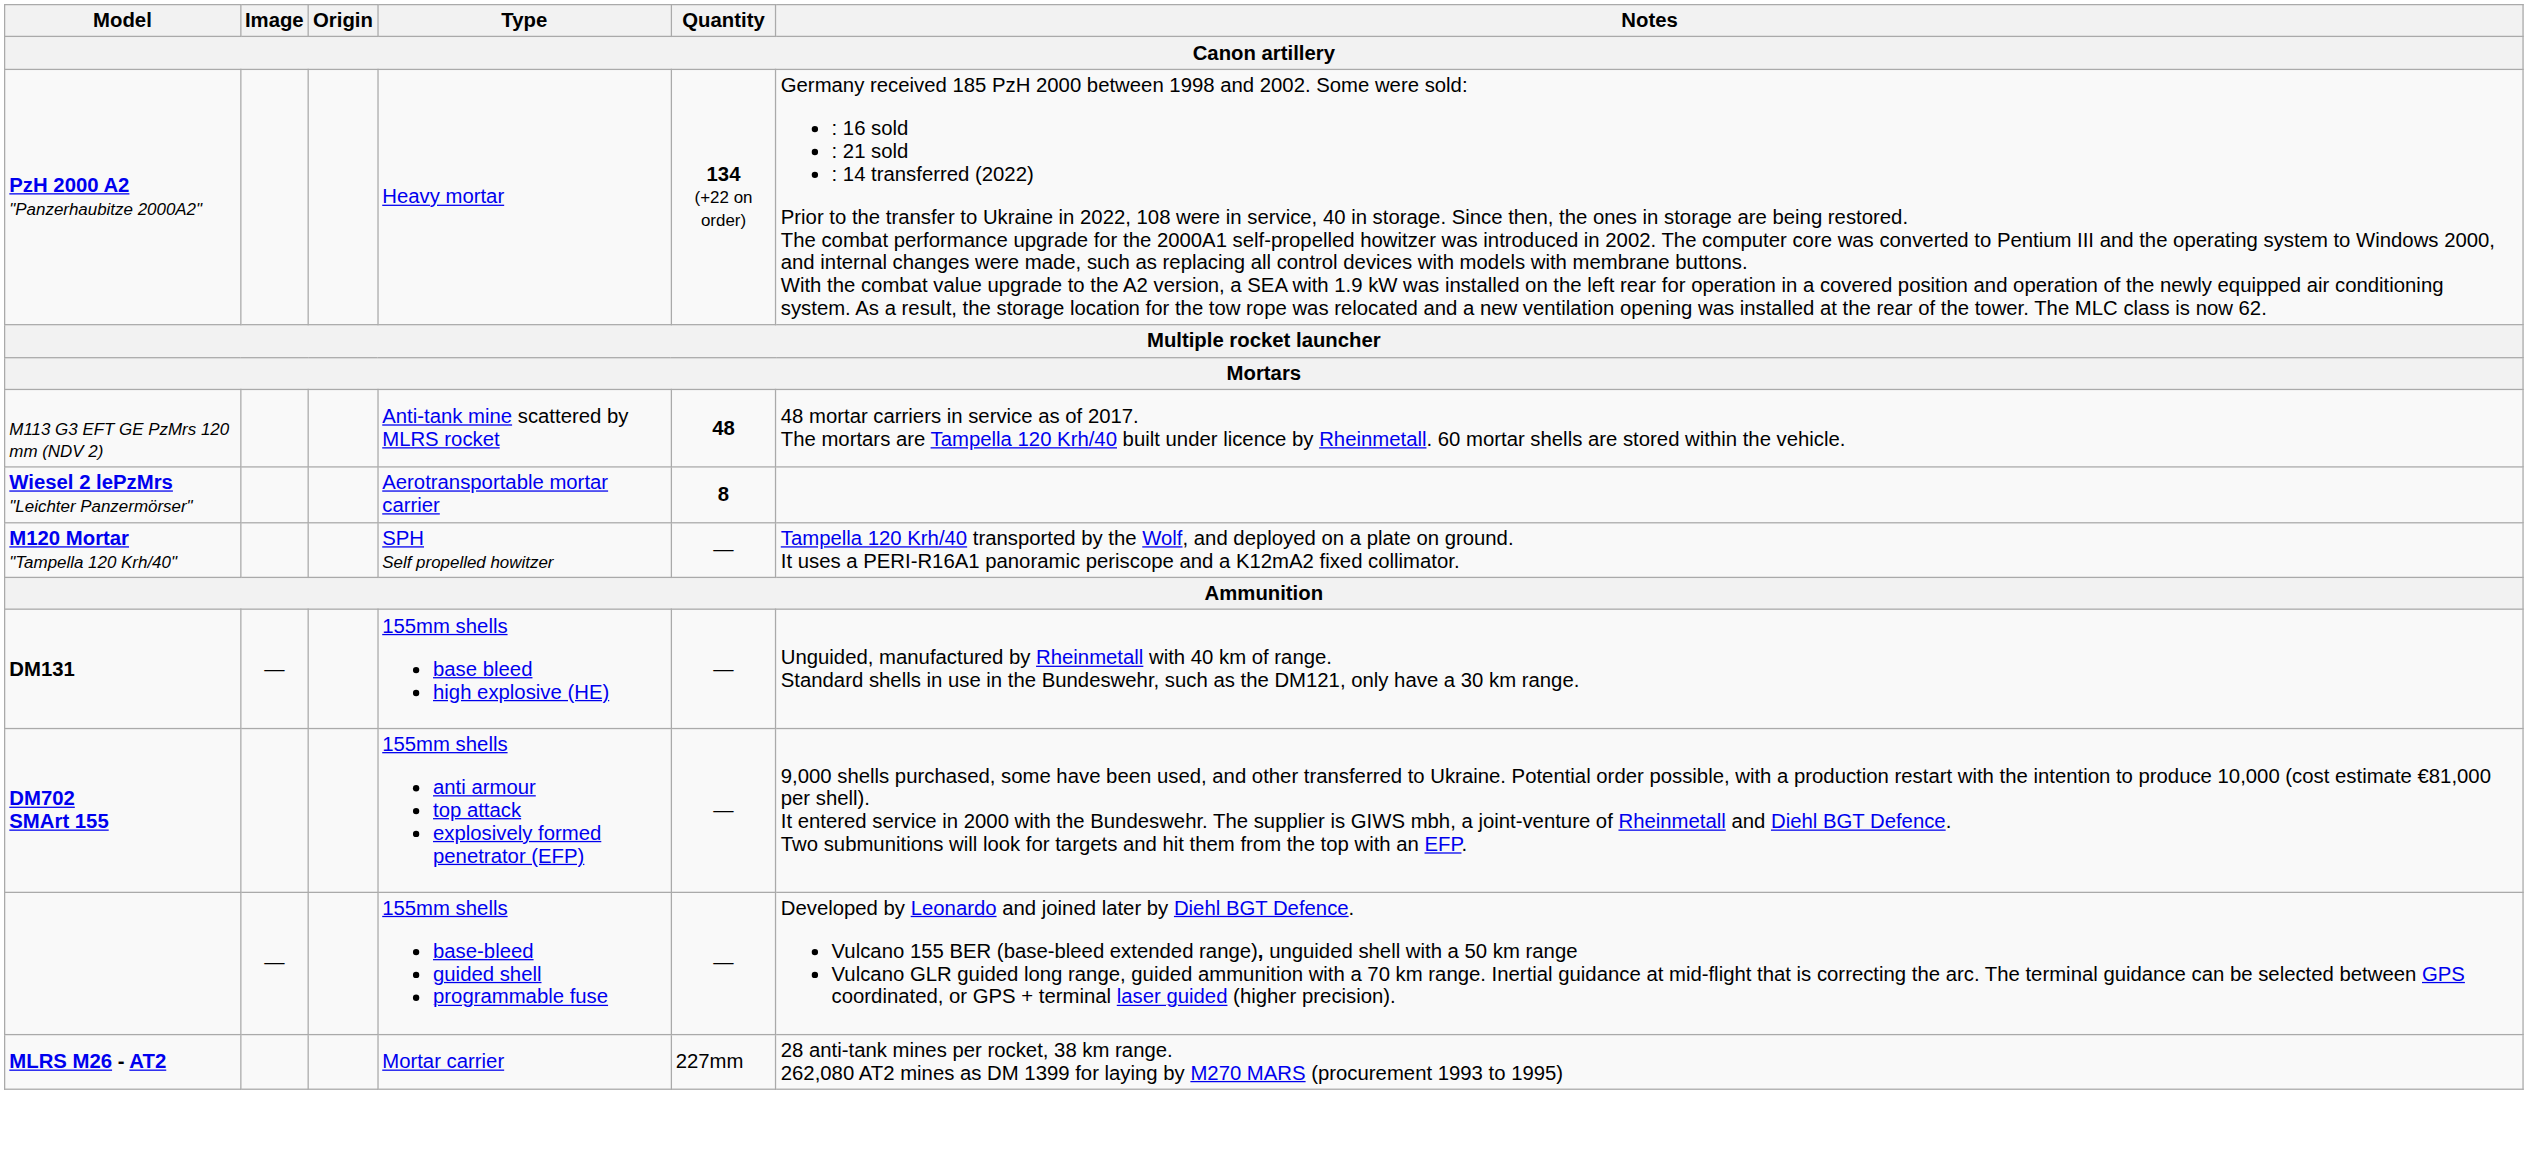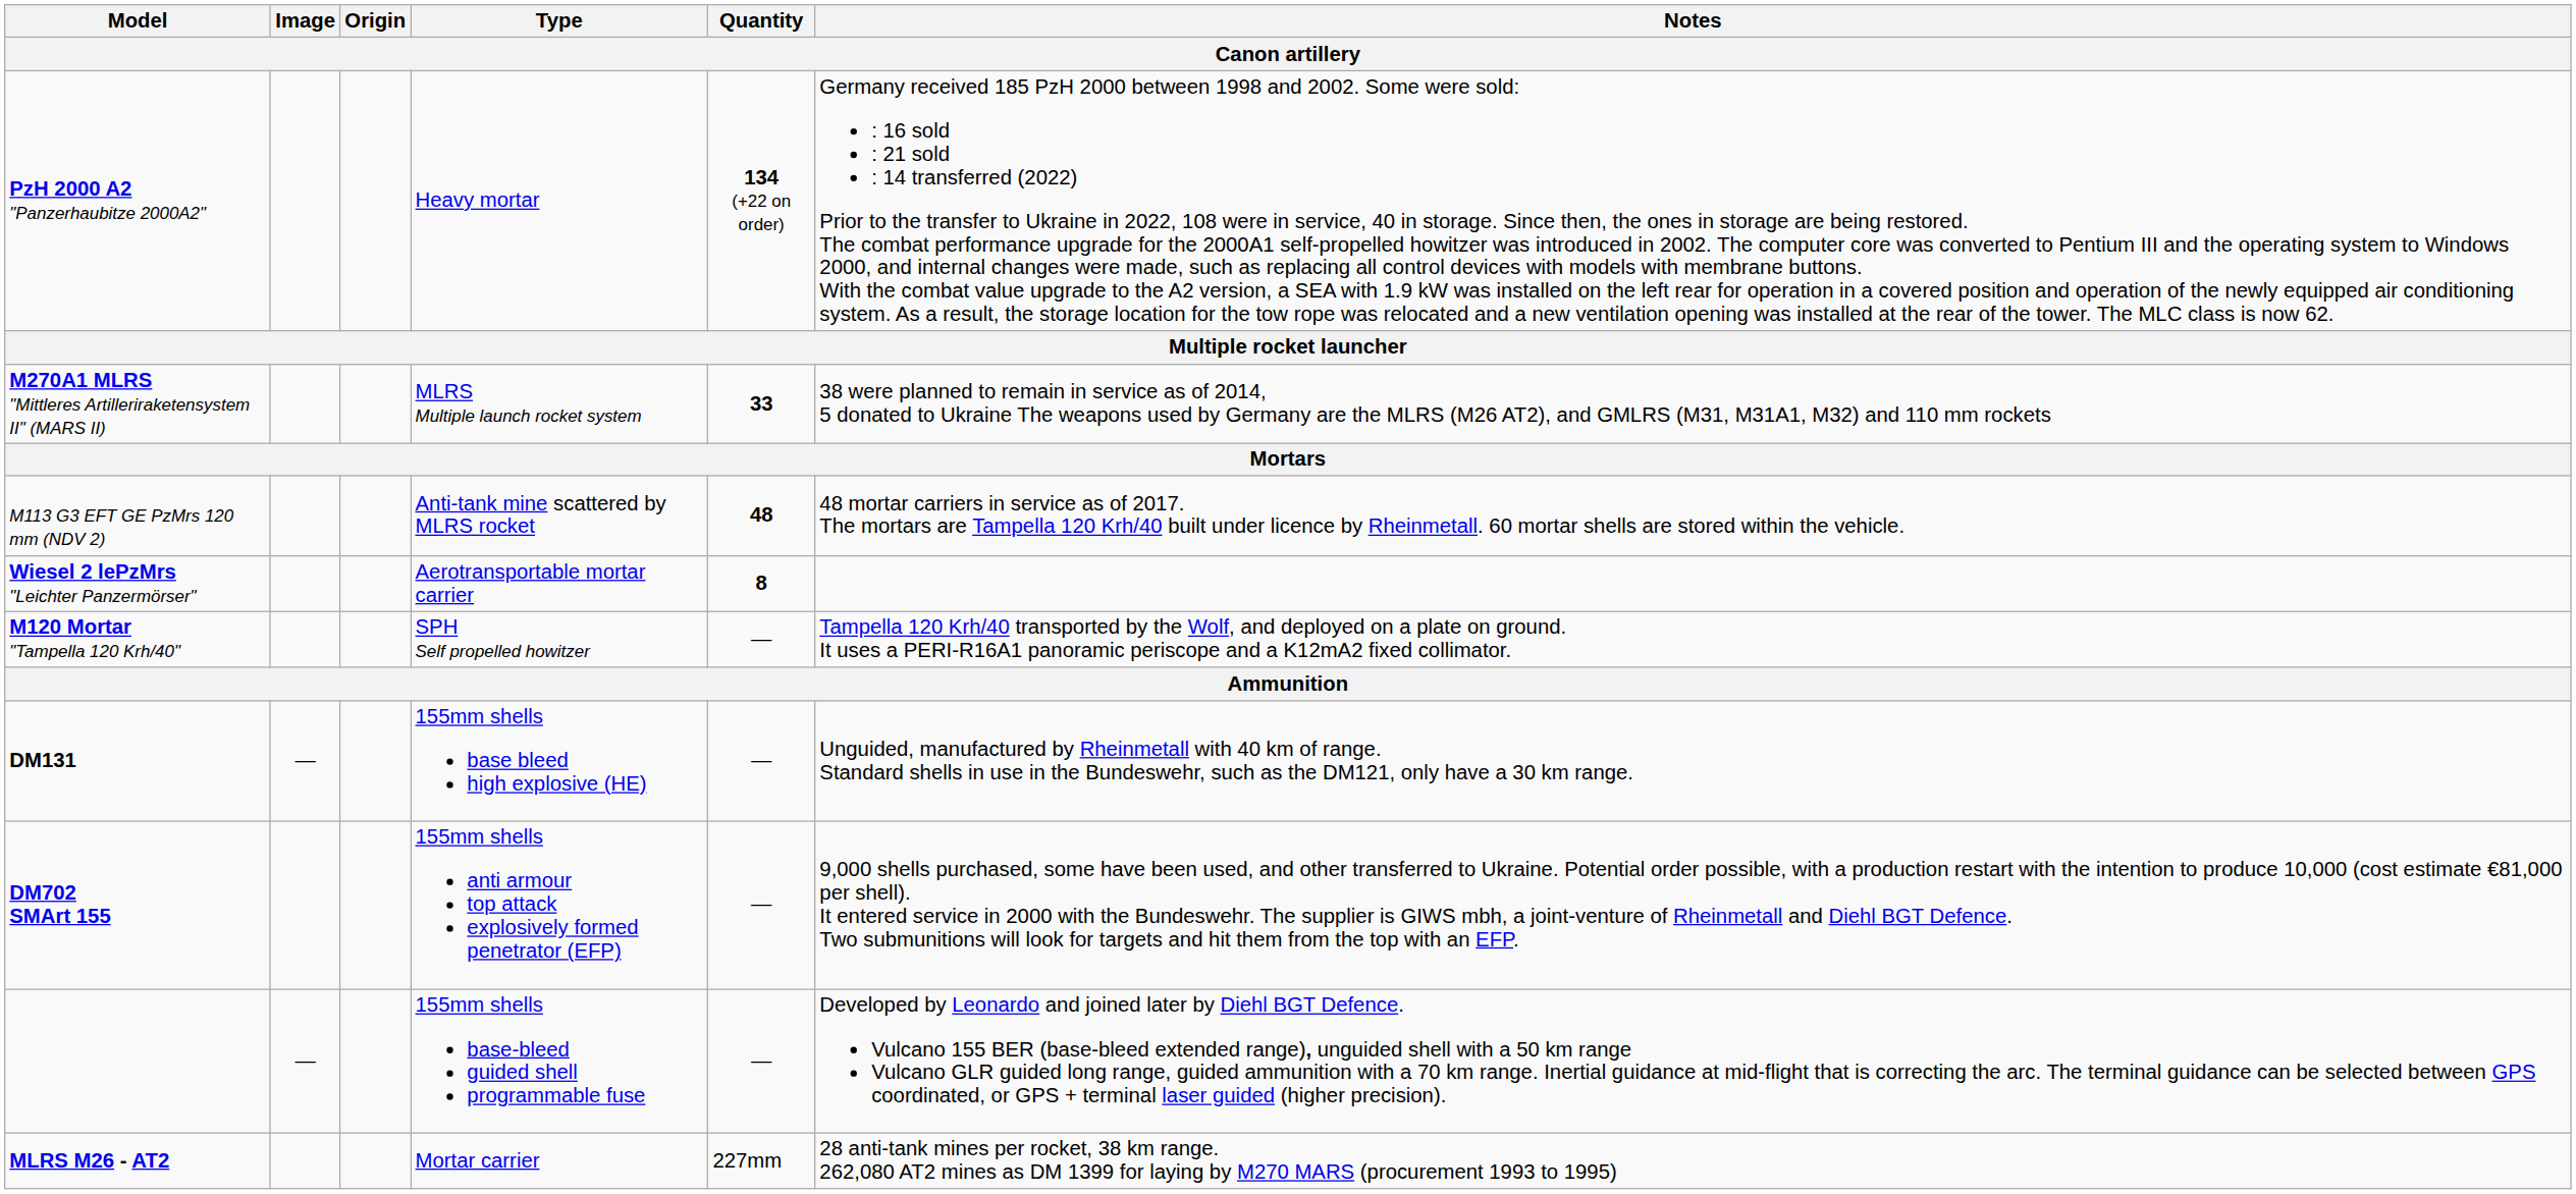 <table class="wikitable" style="width:100%;">
 <tr>
 <th>Model</th>
 <th style="width:2%">Image</th>
 <th>Origin</th>
 <th>Type</th>
 <th>Quantity</th>
 <th>Notes</th>
 </tr>
 <tr>
 <th colspan="6">Canon artillery</th>
 </tr>
 <tr>
 <td><a href='#'><strong>PzH 2000 A2</strong></a><br><em><small>"Panzerhaubitze 2000A2"</small></em></td>
 <td></td>
 <td><small></small></td>
 <td><a href='#'>Heavy mortar</a></td>
 <td style="text-align: center;"><strong>134</strong><br><small>(+22 on order)</small></td>
 <td>Germany received 185 PzH 2000 between 1998 and 2002. Some were sold:<br><ul><li>: 16 sold</li><li>: 21 sold</li><li>: 14 transferred (2022)</li></ul>Prior to the transfer to Ukraine in 2022, 108 were in service, 40 in storage. Since then, the ones in storage are being restored.<br>The combat performance upgrade for the 2000A1 self-propelled howitzer was introduced in 2002. The computer core was converted to Pentium III and the operating system to Windows 2000, and internal changes were made, such as replacing all control devices with models with membrane buttons.<br>With the combat value upgrade to the A2 version, a SEA with 1.9 kW was installed on the left rear for operation in a covered position and operation of the newly equipped air conditioning system. As a result, the storage location for the tow rope was relocated and a new ventilation opening was installed at the rear of the tower. The MLC class is now 62.</td>
 </tr>
 <tr>
 <th colspan="6">Multiple rocket launcher</th>
+</tr>
+<tr>
+<td><a href='#'><strong>M270A1 MLRS</strong></a><br><em><small>"Mittleres Artilleriraketensystem II" (MARS II)</small></em></td>
+<td></td>
+<td><small></small></td>
+<td><a href='#'>MLRS</a><br><em><small>Multiple launch rocket system</small></em></td>
+<td style="text-align: center;"><strong>33</strong></td>
+<td>38 were planned to remain in service as of 2014,<strong></strong><br>5 donated to Ukraine The weapons used by Germany are the MLRS (M26 AT2), and GMLRS (M31, M31A1, M32) and 110 mm rockets</td>
 </tr>
 <tr>
 <th colspan="6">Mortars</th>
 </tr>
 <tr>
 <td><strong></strong><br><small><em>M113 G3 EFT GE PzMrs 120 mm (NDV 2)</em></small></td>
 <td></td>
 <td><small></small><br><small></small><br><small></small></td>
 <td><a href='#'>Anti-tank mine</a> scattered by <a href='#'>MLRS rocket</a></td>
 <td style="text-align: center;"><strong>48</strong></td>
 <td>48 mortar carriers in service as of 2017.<br>The mortars are <a href='#'>Tampella 120 Krh/40</a> built under licence by <a href='#'>Rheinmetall</a>. 60 mortar shells are stored within the vehicle.</td>
 </tr>
 <tr>
 <td><a href='#'><strong>Wiesel 2 lePzMrs</strong></a><br><small><em>"Leichter Panzermörser"</em></small></td>
 <td></td>
 <td><small></small><br><small></small></td>
 <td><a href='#'>Aerotransportable mortar carrier</a></td>
 <td style="text-align: center;"><strong>8</strong></td>
 <td></td>
 </tr>
 <tr>
 <td><strong><a href='#'>M120 Mortar</a></strong><br><small><em>"Tampella 120 Krh/40"</em></small></td>
 <td></td>
 <td><small></small></td>
 <td><a href='#'>SPH</a><br><em><small>Self propelled howitzer</small></em></td>
 <td style="text-align: center;">—</td>
 <td><a href='#'>Tampella 120 Krh/40</a> transported by the <a href='#'>Wolf</a>, and deployed on a plate on ground.<strong></strong><br>It uses a PERI-R16A1 panoramic periscope and a K12mA2 fixed collimator.</td>
 </tr>
 <tr>
 <th colspan="6">Ammunition</th>
 </tr>
 <tr>
 <td><strong>DM131</strong></td>
 <td style="text-align: center;">—</td>
 <td><small></small></td>
 <td><a href='#'>155mm shells</a><br><ul><li><a href='#'>base bleed</a></li><li><a href='#'>high explosive (HE)</a></li></ul></td>
 <td style="text-align: center;">—</td>
 <td>Unguided, manufactured by <a href='#'>Rheinmetall</a> with 40 km of range.<br>Standard shells in use in the Bundeswehr, such as the DM121, only have a 30 km range.</td>
 </tr>
 <tr>
 <td><strong><a href='#'>DM702</a><br><a href='#'>SMArt 155</a></strong></td>
 <td style="text-align: center;">          </td>
 <td><small></small></td>
 <td><a href='#'>155mm shells</a><br><ul><li><a href='#'>anti armour</a></li><li><a href='#'>top attack</a></li><li><a href='#'>explosively formed penetrator (EFP)</a></li></ul></td>
 <td style="text-align: center;">—</td>
 <td>9,000 shells purchased, some have been used, and other transferred to Ukraine. Potential order possible, with a production restart with the intention to produce 10,000 (cost estimate €81,000 per shell).<br>It entered service in 2000 with the Bundeswehr. The supplier is GIWS mbh, a joint-venture of <a href='#'>Rheinmetall</a> and <a href='#'>Diehl BGT Defence</a>.<br>Two submunitions will look for targets and hit them from the top with an <a href='#'>EFP</a>.</td>
 </tr>
 <tr>
 <td><strong></strong></td>
 <td style="text-align: center;">—</td>
 <td><small><br></small></td>
 <td><a href='#'>155mm shells</a><br><ul><li><a href='#'>base-bleed</a></li><li><a href='#'>guided shell</a></li><li><a href='#'>programmable fuse</a></li></ul></td>
 <td style="text-align: center;">—</td>
 <td>Developed by <a href='#'>Leonardo</a> and joined later by <a href='#'>Diehl BGT Defence</a>.<br><ul><li>Vulcano 155 BER (base-bleed extended range)<strong>,</strong> unguided shell with a 50 km range</li><li>Vulcano GLR guided long range, guided ammunition with a 70 km range. Inertial guidance at mid-flight that is correcting the arc. The terminal guidance can be selected between <a href='#'>GPS</a> coordinated, or GPS + terminal <a href='#'>laser guided</a> (higher precision).</li></ul></td>
 </tr>
 <tr>
 <td><strong><a href='#'>MLRS M26</a> - <a href='#'>AT2</a></strong></td>
 <td></td>
 <td><small></small></td>
 <td><a href='#'>Mortar carrier</a></td>
 <td>227mm</td>
 <td>28 anti-tank mines per rocket, 38 km range.<br>262,080 AT2 mines as DM 1399 for laying by <a href='#'>M270 MARS</a> (procurement 1993 to 1995)</td>
 </tr>
 </table>
